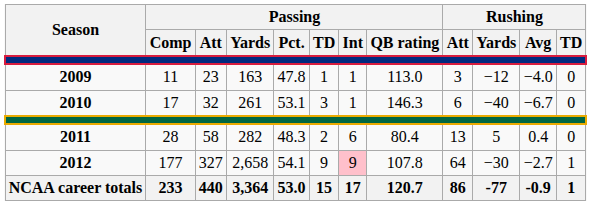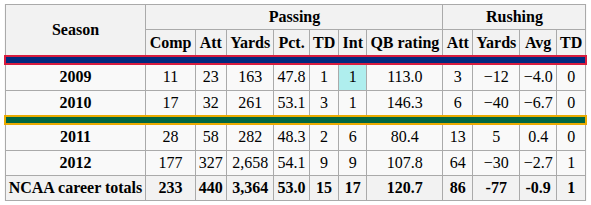 <table class=wikitable style="text-align:center;">
 <tr>
 </tr>
 <tr>
 </tr>
 <tr>
 <th rowspan=2>Season</th>
 <th colspan=7>Passing</th>
 <th colspan=4>Rushing</th>
 </tr>
 <tr>
 <th>Comp</th>
 <th>Att</th>
 <th>Yards</th>
 <th>Pct.</th>
 <th>TD</th>
 <th>Int</th>
 <th>QB rating</th>
 <th>Att</th>
 <th>Yards</th>
 <th>Avg</th>
 <th>TD</th>
 </tr>
 <tr>
 <td ! colspan="12" style="background: #002B7F; border: 2px solid #d81c3f; color:white;"></td>
 </tr>
 <tr>
 <td><strong>2009</strong></td>
 <td>11</td>
 <td>23</td>
 <td>163</td>
 <td>47.8</td>
 <td>1</td>
-<td>1</td>
+<td style="background: paleturquoise;">1</td>
 <td>113.0</td>
 <td>3</td>
 <td>−12</td>
 <td>−4.0</td>
 <td>0</td>
 </tr>
 <tr>
 <td><strong>2010</strong></td>
 <td>17</td>
 <td>32</td>
 <td>261</td>
 <td>53.1</td>
 <td>3</td>
 <td>1</td>
 <td>146.3</td>
 <td>6</td>
 <td>−40</td>
 <td>−6.7</td>
 <td>0</td>
 </tr>
 <tr>
 <td ! colspan="12" style="background: #006643; border: 2px solid #EAAB00; color:white;"></td>
 </tr>
 <tr>
 <td><strong>2011</strong></td>
 <td>28</td>
 <td>58</td>
 <td>282</td>
 <td>48.3</td>
 <td>2</td>
 <td>6</td>
 <td>80.4</td>
 <td>13</td>
 <td>5</td>
 <td>0.4</td>
 <td>0</td>
 </tr>
 <tr>
 <td><strong>2012</strong></td>
 <td>177</td>
 <td>327</td>
 <td>2,658</td>
 <td>54.1</td>
 <td>9</td>
-<td style="background: pink;">9</td>
+<td>9</td>
 <td>107.8</td>
 <td>64</td>
 <td>−30</td>
 <td>−2.7</td>
 <td>1</td>
 </tr>
 <tr>
 <th>NCAA career totals</th>
 <th>233</th>
 <th>440</th>
 <th>3,364</th>
 <th>53.0</th>
 <th>15</th>
 <th>17</th>
 <th>120.7</th>
 <th>86</th>
 <th>-77</th>
 <th>-0.9</th>
 <th>1</th>
 </tr>
 </table>
